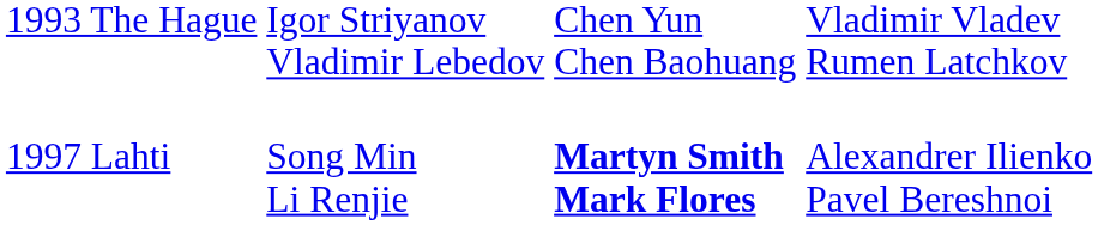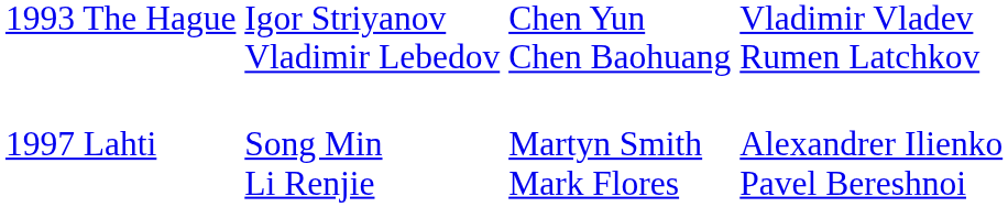 <table>
 <tr>
 <td><a href='#'>1993 The Hague</a></td>
 <td><br><a href='#'>Igor Striyanov</a><br><a href='#'>Vladimir Lebedov</a></td>
 <td><br><a href='#'>Chen Yun</a><br><a href='#'>Chen Baohuang</a></td>
 <td><br><a href='#'>Vladimir Vladev</a><br><a href='#'>Rumen Latchkov</a></td>
 </tr>
 <tr>
 <td><a href='#'>1997 Lahti</a></td>
 <td><br><a href='#'>Song Min</a><br><a href='#'>Li Renjie</a></td>
-<td><strong><br><a href='#'>Martyn Smith</a><br><a href='#'>Mark Flores</a></strong></td>
+<td><br><a href='#'>Martyn Smith</a><br><a href='#'>Mark Flores</a></td>
 <td><br><a href='#'>Alexandrer Ilienko</a><br><a href='#'>Pavel Bereshnoi</a></td>
 </tr>
 </table>
